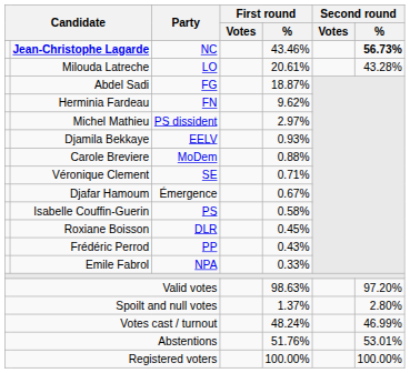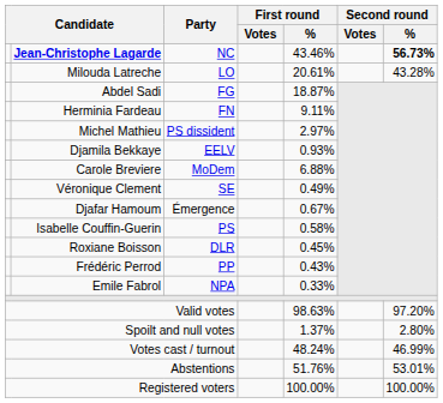 <table class="wikitable" style="text-align:right;font-size:95%;">
 <tr>
 <th rowspan=2 colspan=2>Candidate</th>
 <th rowspan=2 colspan=1>Party</th>
 <th colspan=2>First round</th>
 <th colspan=2>Second round</th>
 </tr>
 <tr>
 <th style="width:50px;">Votes</th>
 <th style="width:55px;">%</th>
 <th style="width:50px;">Votes</th>
 <th style="width:55px;">%</th>
 </tr>
 <tr>
 <td style="color:inherit;background-color:"></td>
 <td><strong><a href='#'>Jean-Christophe Lagarde</a></strong></td>
 <td><a href='#'>NC</a></td>
 <td></td>
 <td>43.46%</td>
 <td><strong></strong></td>
 <td><strong>56.73%</strong></td>
 </tr>
 <tr>
 <td style="color:inherit;background-color:"></td>
 <td>Milouda Latreche</td>
 <td><a href='#'>LO</a></td>
 <td></td>
 <td>20.61%</td>
 <td></td>
 <td>43.28%</td>
 </tr>
 <tr>
 <td style="color:inherit;background-color:"></td>
 <td>Abdel Sadi</td>
 <td><a href='#'>FG</a></td>
 <td></td>
 <td>18.87%</td>
 <td colspan=7 rowspan=11 style="background-color:#E9E9E9;"></td>
 </tr>
 <tr>
 <td style="color:inherit;background-color:"></td>
 <td>Herminia Fardeau</td>
 <td><a href='#'>FN</a></td>
 <td></td>
-<td>9.62%</td>
+<td>9.11%</td>
 </tr>
 <tr>
 <td style="color:inherit;background-color:"></td>
 <td>Michel Mathieu</td>
 <td><a href='#'>PS dissident</a></td>
 <td></td>
 <td>2.97%</td>
 </tr>
 <tr>
 <td style="color:inherit;background-color:"></td>
 <td>Djamila Bekkaye</td>
 <td><a href='#'>EELV</a></td>
 <td></td>
 <td>0.93%</td>
 </tr>
 <tr>
 <td style="color:inherit;background-color:"></td>
 <td>Carole Breviere</td>
 <td><a href='#'>MoDem</a></td>
 <td></td>
-<td>0.88%</td>
+<td>6.88%</td>
 </tr>
 <tr>
 <td style="color:inherit;background-color:"></td>
 <td>Véronique Clement</td>
 <td><a href='#'>SE</a></td>
 <td></td>
-<td>0.71%</td>
+<td>0.49%</td>
 </tr>
 <tr>
 <td style="color:inherit;background-color:"></td>
 <td>Djafar Hamoum</td>
 <td>Émergence</td>
 <td></td>
 <td>0.67%</td>
 </tr>
 <tr>
 <td style="color:inherit;background-color:"></td>
 <td>Isabelle Couffin-Guerin</td>
 <td><a href='#'>PS</a></td>
 <td></td>
 <td>0.58%</td>
 </tr>
 <tr>
 <td style="color:inherit;background-color:"></td>
 <td>Roxiane Boisson</td>
 <td><a href='#'>DLR</a></td>
 <td></td>
 <td>0.45%</td>
 </tr>
 <tr>
 <td style="color:inherit;background-color:"></td>
 <td>Frédéric Perrod</td>
 <td><a href='#'>PP</a></td>
 <td></td>
 <td>0.43%</td>
 </tr>
 <tr>
 <td style="color:inherit;background-color:"></td>
 <td>Emile Fabrol</td>
 <td><a href='#'>NPA</a></td>
 <td></td>
 <td>0.33%</td>
 </tr>
 <tr>
 <td colspan=7 style="background-color:#E9E9E9;"></td>
 </tr>
 <tr>
 <td colspan=3>Valid votes</td>
 <td></td>
 <td>98.63%</td>
 <td></td>
 <td>97.20%</td>
 </tr>
 <tr>
 <td colspan=3>Spoilt and null votes</td>
 <td></td>
 <td>1.37%</td>
 <td></td>
 <td>2.80%</td>
 </tr>
 <tr>
 <td colspan=3>Votes cast / turnout</td>
 <td></td>
 <td>48.24%</td>
 <td></td>
 <td>46.99%</td>
 </tr>
 <tr>
 <td colspan=3>Abstentions</td>
 <td></td>
 <td>51.76%</td>
 <td></td>
 <td>53.01%</td>
 </tr>
 <tr>
 <td colspan=3>Registered voters</td>
 <td></td>
 <td>100.00%</td>
 <td></td>
 <td>100.00%</td>
 </tr>
 </table>
